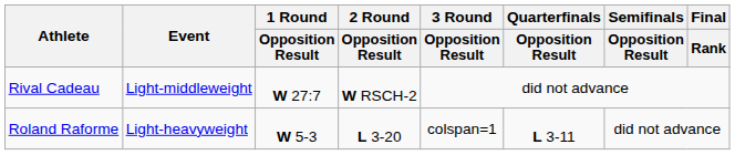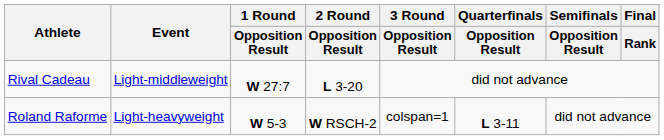 <table class="wikitable" style="font-size:90%">
 <tr>
 <th rowspan="2">Athlete</th>
 <th rowspan="2">Event</th>
 <th>1 Round</th>
 <th>2 Round</th>
 <th>3 Round</th>
 <th>Quarterfinals</th>
 <th>Semifinals</th>
 <th colspan=2>Final</th>
 </tr>
 <tr style="font-size:95%">
 <th>Opposition<br>Result</th>
 <th>Opposition<br>Result</th>
 <th>Opposition<br>Result</th>
 <th>Opposition<br>Result</th>
 <th>Opposition<br>Result</th>
 <th>Rank</th>
 </tr>
 <tr align=center>
 <td align=left><a href='#'>Rival Cadeau</a></td>
 <td align=left><a href='#'>Light-middleweight</a></td>
 <td><br><strong>W</strong> 27:7</td>
-<td><br><strong>W</strong> RSCH-2</td>
+<td><br><strong>L</strong> 3-20</td>
 <td colspan=4>did not advance</td>
 </tr>
 <tr align=center>
 <td align=left><a href='#'>Roland Raforme</a></td>
 <td align=left><a href='#'>Light-heavyweight</a></td>
 <td><br><strong>W</strong> 5-3</td>
-<td><br><strong>L</strong> 3-20</td>
+<td><br><strong>W</strong> RSCH-2</td>
 <td>colspan=1 </td>
 <td><br><strong>L</strong> 3-11</td>
 <td colspan=5>did not advance</td>
 </tr>
 </table>
